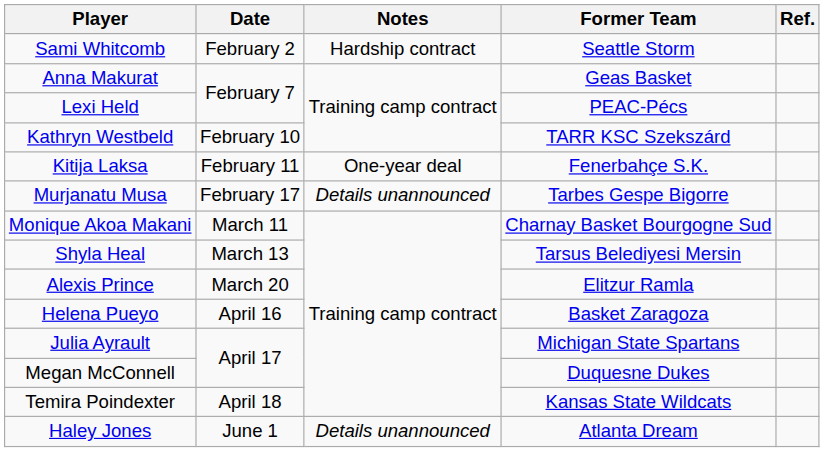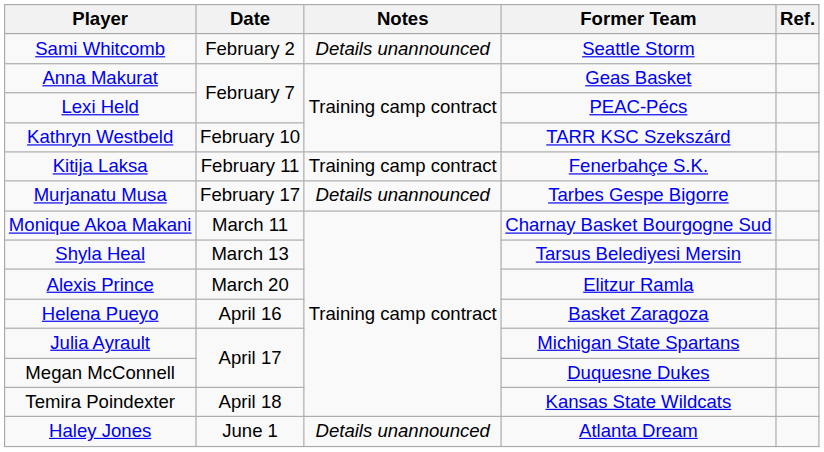 <table class="wikitable sortable sortable" style="text-align: center">
 <tr>
 <th>Player</th>
 <th>Date</th>
 <th>Notes</th>
 <th>Former Team</th>
 <th>Ref.</th>
 </tr>
 <tr>
 <td><a href='#'>Sami Whitcomb</a></td>
 <td>February 2</td>
-<td>Hardship contract</td>
+<td><em>Details unannounced</em></td>
 <td><a href='#'>Seattle Storm</a></td>
 <td></td>
 </tr>
 <tr>
 <td><a href='#'>Anna Makurat</a></td>
 <td rowspan=2>February 7</td>
 <td rowspan=3>Training camp contract</td>
 <td><a href='#'>Geas Basket</a></td>
 <td></td>
 </tr>
 <tr>
 <td><a href='#'>Lexi Held</a></td>
 <td><a href='#'>PEAC-Pécs</a></td>
 <td></td>
 </tr>
 <tr>
 <td><a href='#'>Kathryn Westbeld</a></td>
 <td>February 10</td>
 <td><a href='#'>TARR KSC Szekszárd</a></td>
 <td></td>
 </tr>
 <tr>
 <td><a href='#'>Kitija Laksa</a></td>
 <td>February 11</td>
-<td>One-year deal</td>
+<td>Training camp contract</td>
 <td><a href='#'>Fenerbahçe S.K.</a></td>
 <td></td>
 </tr>
 <tr>
 <td><a href='#'>Murjanatu Musa</a></td>
 <td>February 17</td>
 <td><em>Details unannounced</em></td>
 <td><a href='#'>Tarbes Gespe Bigorre</a></td>
 <td></td>
 </tr>
 <tr>
 <td><a href='#'>Monique Akoa Makani</a></td>
 <td>March 11</td>
 <td rowspan=7>Training camp contract</td>
 <td><a href='#'>Charnay Basket Bourgogne Sud</a></td>
 <td></td>
 </tr>
 <tr>
 <td><a href='#'>Shyla Heal</a></td>
 <td>March 13</td>
 <td><a href='#'>Tarsus Belediyesi Mersin</a></td>
 <td></td>
 </tr>
 <tr>
 <td><a href='#'>Alexis Prince</a></td>
 <td>March 20</td>
 <td><a href='#'>Elitzur Ramla</a></td>
 <td></td>
 </tr>
 <tr>
 <td><a href='#'>Helena Pueyo</a></td>
 <td>April 16</td>
 <td><a href='#'>Basket Zaragoza</a></td>
 <td></td>
 </tr>
 <tr>
 <td><a href='#'>Julia Ayrault</a></td>
 <td rowspan=2>April 17</td>
 <td><a href='#'>Michigan State Spartans</a></td>
 <td></td>
 </tr>
 <tr>
 <td>Megan McConnell</td>
 <td><a href='#'>Duquesne Dukes</a></td>
 <td></td>
 </tr>
 <tr>
 <td>Temira Poindexter</td>
 <td>April 18</td>
 <td><a href='#'>Kansas State Wildcats</a></td>
 <td></td>
 </tr>
 <tr>
 <td><a href='#'>Haley Jones</a></td>
 <td>June 1</td>
 <td><em>Details unannounced</em></td>
 <td><a href='#'>Atlanta Dream</a></td>
 <td></td>
 </tr>
 </table>
